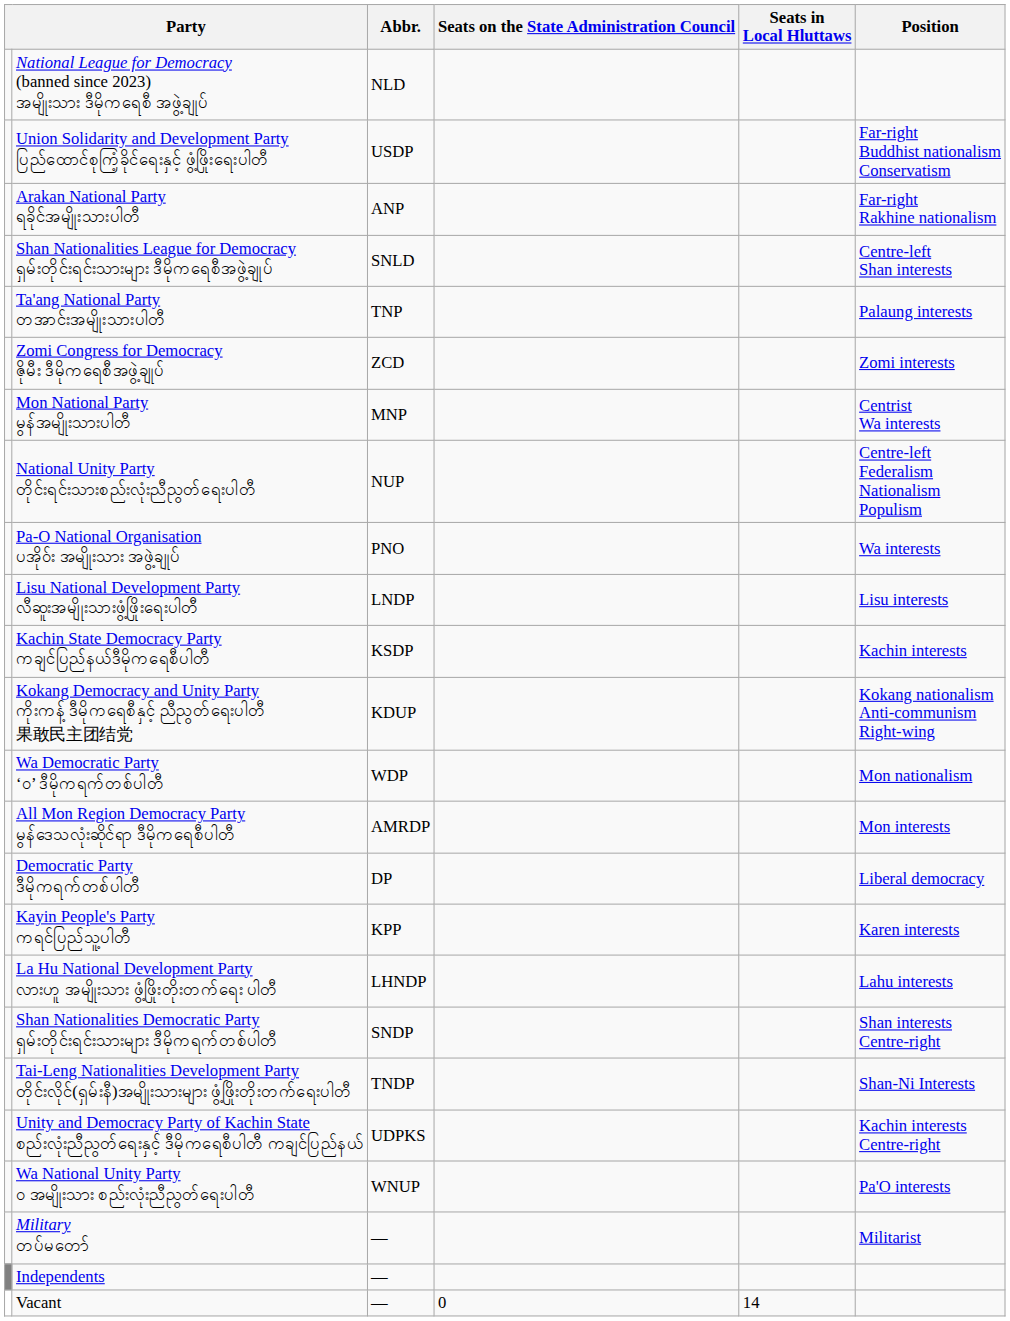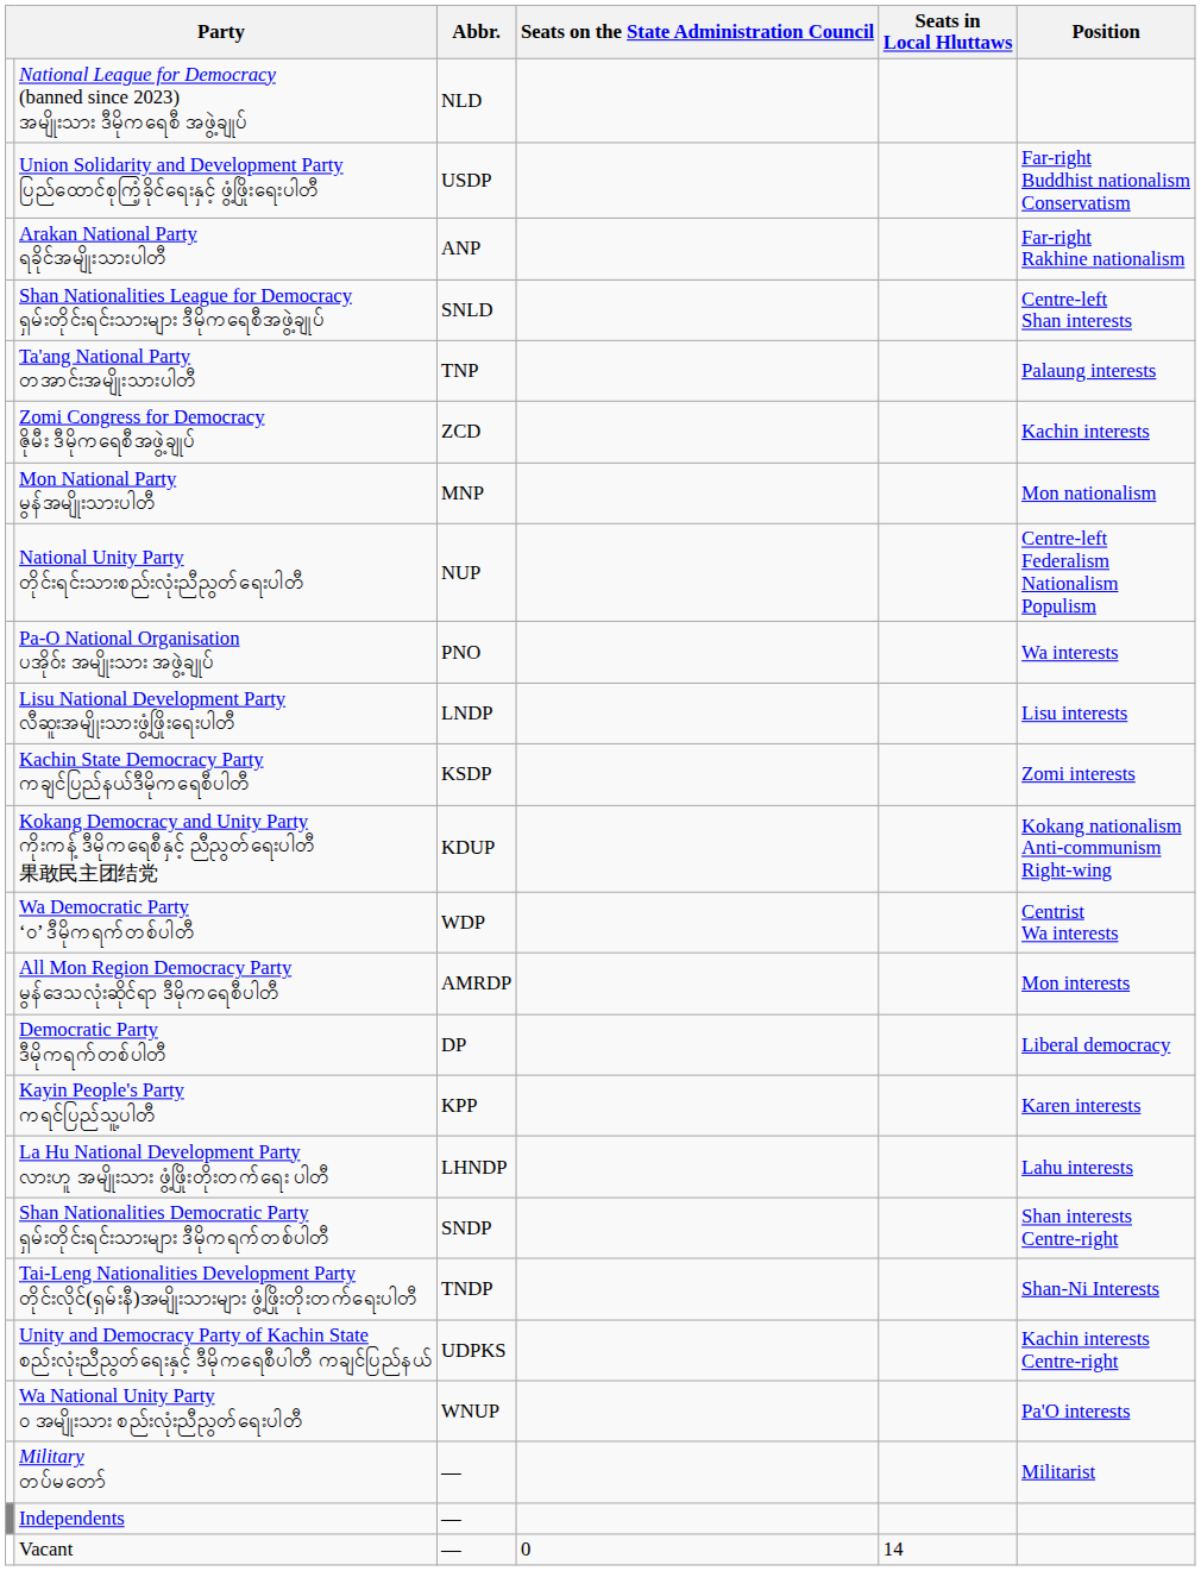 <table class="wikitable sortable">
 <tr valign="middle">
 <th colspan=2>Party</th>
 <th>Abbr.</th>
 <th>Seats on the <a href='#'>State Administration Council</a></th>
 <th>Seats in<br><a href='#'>Local Hluttaws</a></th>
 <th>Position</th>
 </tr>
 <tr>
 <td bgcolor=></td>
 <td><em><a href='#'>National League for Democracy</a></em><br>(banned since 2023)<br>အမျိုးသား ဒီမိုကရေစီ အဖွဲ့ချုပ်</td>
 <td>NLD</td>
 <td></td>
 <td></td>
 <td></td>
 </tr>
 <tr>
 <td bgcolor=></td>
 <td><a href='#'>Union Solidarity and Development Party</a><br>ပြည်ထောင်စုကြံ့ခိုင်ရေးနှင့် ဖွံ့ဖြိုးရေးပါတီ</td>
 <td>USDP</td>
 <td></td>
 <td></td>
 <td><a href='#'>Far-right</a><br><a href='#'>Buddhist nationalism</a><br><a href='#'>Conservatism</a></td>
 </tr>
 <tr>
 <td bgcolor=></td>
 <td><a href='#'>Arakan National Party</a><br>ရခိုင်အမျိုးသားပါတီ</td>
 <td>ANP</td>
 <td></td>
 <td></td>
 <td><a href='#'>Far-right</a><br><a href='#'>Rakhine nationalism</a></td>
 </tr>
 <tr>
 <td bgcolor=></td>
 <td><a href='#'>Shan Nationalities League for Democracy</a><br>ရှမ်းတိုင်းရင်းသားများ ဒီမိုကရေစီအဖွဲ့ချုပ်</td>
 <td>SNLD</td>
 <td></td>
 <td></td>
 <td><a href='#'>Centre-left</a><br><a href='#'>Shan interests</a></td>
 </tr>
 <tr>
 <td bgcolor=></td>
 <td><a href='#'>Ta'ang National Party</a><br>တအာင်းအမျိုးသားပါတီ</td>
 <td>TNP</td>
 <td></td>
 <td></td>
 <td><a href='#'>Palaung interests</a></td>
 </tr>
 <tr>
 <td bgcolor=></td>
 <td><a href='#'>Zomi Congress for Democracy</a><br>ဇိုမီး ဒီမိုကရေစီအဖွဲ့ချုပ်</td>
 <td>ZCD</td>
 <td></td>
 <td></td>
-<td><a href='#'>Zomi interests</a></td>
+<td><a href='#'>Kachin interests</a></td>
 </tr>
 <tr>
 <td bgcolor=></td>
 <td><a href='#'>Mon National Party</a><br>မွန်အမျိုးသားပါတီ</td>
 <td>MNP</td>
 <td></td>
 <td></td>
-<td><a href='#'>Centrist</a><br><a href='#'>Wa interests</a></td>
+<td><a href='#'>Mon nationalism</a></td>
 </tr>
 <tr>
 <td bgcolor=></td>
 <td><a href='#'>National Unity Party</a><br>တိုင်းရင်းသားစည်းလုံးညီညွတ်ရေးပါတီ</td>
 <td>NUP</td>
 <td></td>
 <td></td>
 <td><a href='#'>Centre-left</a><br><a href='#'>Federalism</a><br><a href='#'>Nationalism</a><br><a href='#'>Populism</a></td>
 </tr>
 <tr>
 <td bgcolor=></td>
 <td><a href='#'>Pa-O National Organisation</a><br>ပအိုဝ်း အမျိုးသား အဖွဲ့ချုပ်</td>
 <td>PNO</td>
 <td></td>
 <td></td>
 <td><a href='#'>Wa interests</a></td>
 </tr>
 <tr>
 <td bgcolor=></td>
 <td><a href='#'>Lisu National Development Party</a><br>လီဆူးအမျိုးသားဖွံ့ဖြိုးရေးပါတီ</td>
 <td>LNDP</td>
 <td></td>
 <td></td>
 <td><a href='#'>Lisu interests</a></td>
 </tr>
 <tr>
 <td bgcolor=></td>
 <td><a href='#'>Kachin State Democracy Party</a><br>ကချင်ပြည်နယ်ဒီမိုကရေစီပါတီ</td>
 <td>KSDP</td>
 <td></td>
 <td></td>
-<td><a href='#'>Kachin interests</a></td>
+<td><a href='#'>Zomi interests</a></td>
 </tr>
 <tr>
 <td bgcolor=></td>
 <td><a href='#'>Kokang Democracy and Unity Party</a><br>ကိုးကန့် ဒီမိုကရေစီနှင့် ညီညွတ်ရေးပါတီ<br>果敢民主团结党</td>
 <td>KDUP</td>
 <td></td>
 <td></td>
 <td><a href='#'>Kokang nationalism</a><br><a href='#'>Anti-communism</a><br><a href='#'>Right-wing</a></td>
 </tr>
 <tr>
 <td bgcolor=></td>
 <td><a href='#'>Wa Democratic Party</a><br>‘ဝ’ ဒီမိုကရက်တစ်ပါတီ</td>
 <td>WDP</td>
 <td></td>
 <td></td>
-<td><a href='#'>Mon nationalism</a></td>
+<td><a href='#'>Centrist</a><br><a href='#'>Wa interests</a></td>
 </tr>
 <tr>
 <td bgcolor=></td>
 <td><a href='#'>All Mon Region Democracy Party</a><br>မွန်ဒေသလုံးဆိုင်ရာ ဒီမိုကရေစီပါတီ</td>
 <td>AMRDP</td>
 <td></td>
 <td></td>
 <td><a href='#'>Mon interests</a></td>
 </tr>
 <tr>
 <td bgcolor=></td>
 <td><a href='#'>Democratic Party</a><br>ဒီမိုကရက်တစ်ပါတီ</td>
 <td>DP</td>
 <td></td>
 <td></td>
 <td><a href='#'>Liberal democracy</a></td>
 </tr>
 <tr>
 <td bgcolor=></td>
 <td><a href='#'>Kayin People's Party</a><br>ကရင်ပြည်သူ့ပါတီ</td>
 <td>KPP</td>
 <td></td>
 <td></td>
 <td><a href='#'>Karen interests</a></td>
 </tr>
 <tr>
 <td bgcolor=></td>
 <td><a href='#'>La Hu National Development Party</a><br>လားဟူ အမျိုးသား ဖွံ့ဖြိုးတိုးတက်ရေး ပါတီ</td>
 <td>LHNDP</td>
 <td></td>
 <td></td>
 <td><a href='#'>Lahu interests</a></td>
 </tr>
 <tr>
 <td bgcolor=></td>
 <td><a href='#'>Shan Nationalities Democratic Party</a><br>ရှမ်းတိုင်းရင်းသားများ ဒီမိုကရက်တစ်ပါတီ</td>
 <td>SNDP</td>
 <td></td>
 <td></td>
 <td><a href='#'>Shan interests</a><br><a href='#'>Centre-right</a></td>
 </tr>
 <tr>
 <td bgcolor=></td>
 <td><a href='#'>Tai-Leng Nationalities Development Party</a><br>တိုင်းလိုင်(ရှမ်းနီ)အမျိုးသားများ ဖွံ့ဖြိုးတိုးတက်ရေးပါတီ</td>
 <td>TNDP</td>
 <td></td>
 <td></td>
 <td><a href='#'>Shan-Ni Interests</a></td>
 </tr>
 <tr>
 <td bgcolor=></td>
 <td><a href='#'>Unity and Democracy Party of Kachin State</a><br>စည်းလုံးညီညွတ်ရေးနှင့် ဒီမိုကရေစီပါတီ ကချင်ပြည်နယ်</td>
 <td>UDPKS</td>
 <td></td>
 <td></td>
 <td><a href='#'>Kachin interests</a><br><a href='#'>Centre-right</a></td>
 </tr>
 <tr>
 <td bgcolor=></td>
 <td><a href='#'>Wa National Unity Party</a><br>ဝ အမျိုးသား စည်းလုံးညီညွတ်ရေးပါတီ</td>
 <td>WNUP</td>
 <td></td>
 <td></td>
 <td><a href='#'>Pa'O interests</a></td>
 </tr>
 <tr>
 <td bgcolor=></td>
 <td><em><a href='#'>Military</a></em><br>တပ်မ​တော်</td>
 <td>—</td>
 <td></td>
 <td></td>
 <td><a href='#'>Militarist</a></td>
 </tr>
 <tr>
 <td bgcolor=gray></td>
 <td><a href='#'>Independents</a></td>
 <td>—</td>
 <td></td>
 <td></td>
 <td></td>
 </tr>
 <tr>
 <td bgcolor=white></td>
 <td>Vacant</td>
 <td>—</td>
 <td>0</td>
 <td>14</td>
 <td></td>
 </tr>
 </table>
